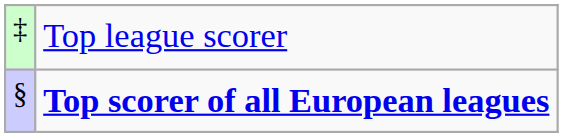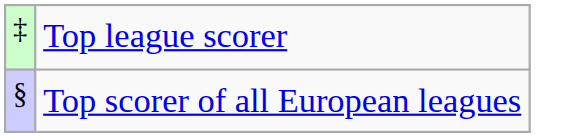 <table class=wikitable>
 <tr>
 <td bgcolor=#ccffcc align=center><sup>‡</sup></td>
 <td><a href='#'>Top league scorer</a></td>
 </tr>
 <tr>
 <td bgcolor=#ccccff align=center><sup>§</sup></td>
-<td><strong><a href='#'>Top scorer of all European leagues</a></strong></td>
+<td><a href='#'>Top scorer of all European leagues</a></td>
 </tr>
 </table>
